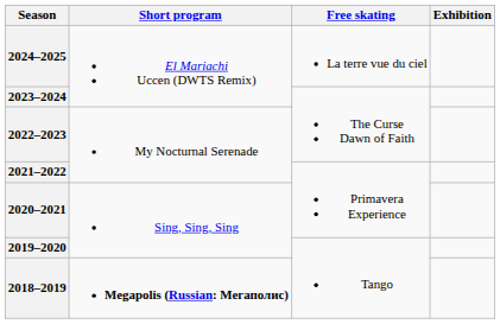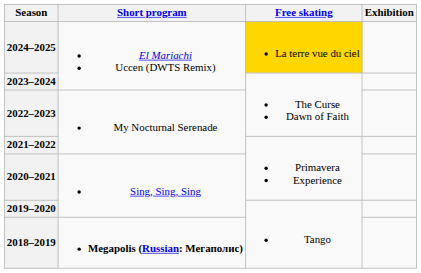 <table class="wikitable" style="text-align:center">
 <tr>
 <th>Season</th>
 <th><a href='#'>Short program</a></th>
 <th><a href='#'>Free skating</a></th>
 <th>Exhibition</th>
 </tr>
 <tr>
 <th>2024–2025 <br> </th>
 <td rowspan=2><br><ul><li><em><a href='#'>El Mariachi</a></em> <br> </li><li>Uccen (DWTS Remix) <br> </li></ul></td>
-<td><br><ul><li>La terre vue du ciel <br> </li></ul></td>
+<td style="background: gold;"><br><ul><li>La terre vue du ciel <br> </li></ul></td>
 <td></td>
 </tr>
 <tr>
 <th>2023–2024 <br> </th>
 <td rowspan=2><br><ul><li>The Curse <br> </li><li>Dawn of Faith <br> </li></ul></td>
 <td></td>
 </tr>
 <tr>
 <th>2022–2023 <br> </th>
 <td rowspan="2"><br><ul><li>My Nocturnal Serenade <br> </li></ul></td>
 <td></td>
 </tr>
 <tr>
 <th>2021–2022 <br> </th>
 <td rowspan="2"><br><ul><li>Primavera</li><li>Experience <br></li></ul></td>
 <td></td>
 </tr>
 <tr>
 <th>2020–2021 <br> </th>
 <td rowspan="2"><br><ul><li><a href='#'>Sing, Sing, Sing</a> <br> </li></ul></td>
 <td></td>
 </tr>
 <tr>
 <th>2019–2020 <br> </th>
 <td rowspan="2"><br><ul><li>Tango <br></li></ul></td>
 <td></td>
 </tr>
 <tr>
 <th>2018–2019 <br> </th>
 <td><strong><br><ul><li>Megapolis (<a href='#'>Russian</a>: Мегаполис) <br> </li></ul></strong></td>
 <td></td>
 </tr>
 </table>
